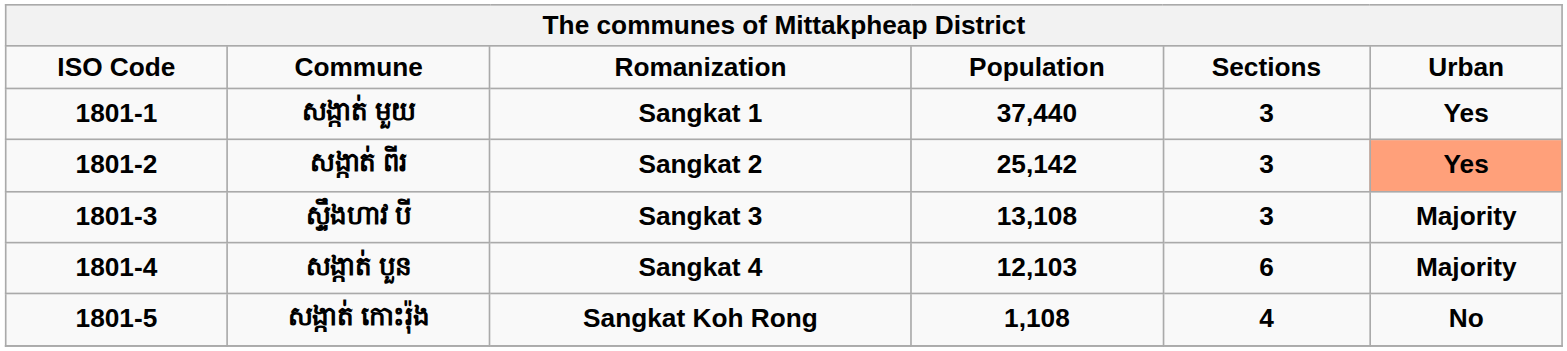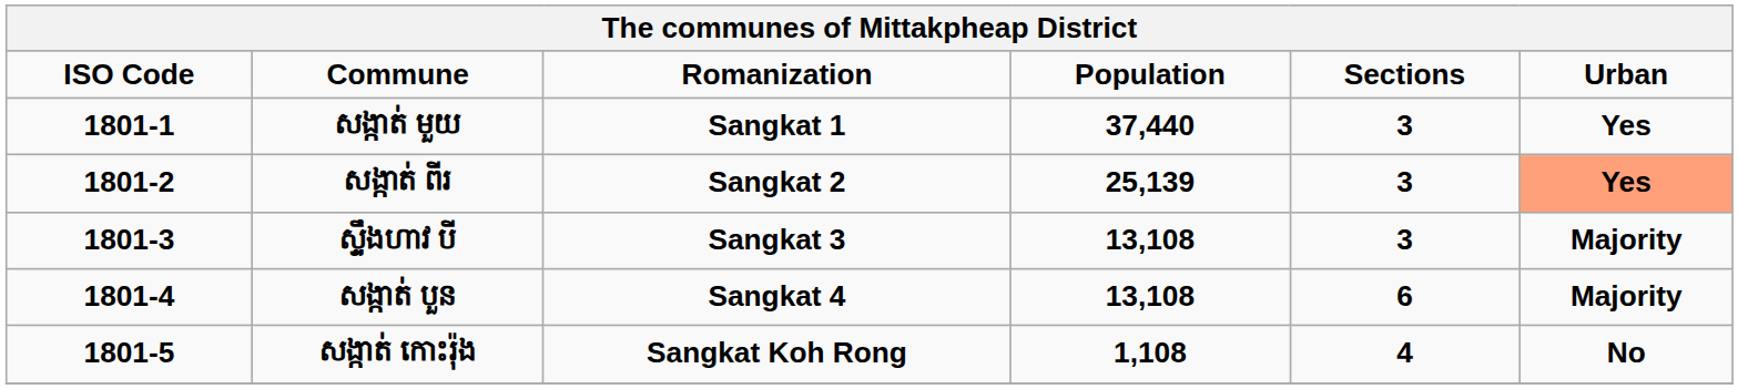 <table class="wikitable" style="text-align:center; margin:1em auto; font-weight:600; width:60%">
 <tr>
 <th colspan="22">The communes of Mittakpheap District</th>
 </tr>
 <tr>
 <td>ISO Code</td>
 <td>Commune</td>
 <td>Romanization</td>
 <td>Population</td>
 <td>Sections</td>
 <td>Urban</td>
 </tr>
 <tr>
 <td>1801-1</td>
 <td>សង្កាត់ មួយ</td>
 <td>Sangkat 1</td>
 <td>37,440</td>
 <td>3</td>
 <td>Yes</td>
 </tr>
 <tr>
 <td>1801-2</td>
 <td>សង្កាត់ ពីរ</td>
 <td>Sangkat 2</td>
-<td>25,142</td>
+<td>25,139</td>
 <td>3</td>
 <td style="background: lightsalmon;">Yes</td>
 </tr>
 <tr>
 <td>1801-3</td>
 <td>ស្ទឹងហាវ បី</td>
 <td>Sangkat 3</td>
 <td>13,108</td>
 <td>3</td>
 <td>Majority</td>
 </tr>
 <tr>
 <td>1801-4</td>
 <td>សង្កាត់ បួន</td>
 <td>Sangkat 4</td>
-<td>12,103</td>
+<td>13,108</td>
 <td>6</td>
 <td>Majority</td>
 </tr>
 <tr>
 <td>1801-5</td>
 <td>សង្កាត់ កោះរ៉ុង</td>
 <td>Sangkat Koh Rong</td>
 <td>1,108</td>
 <td>4</td>
 <td>No</td>
 </tr>
 <tr>
 </tr>
 </table>
